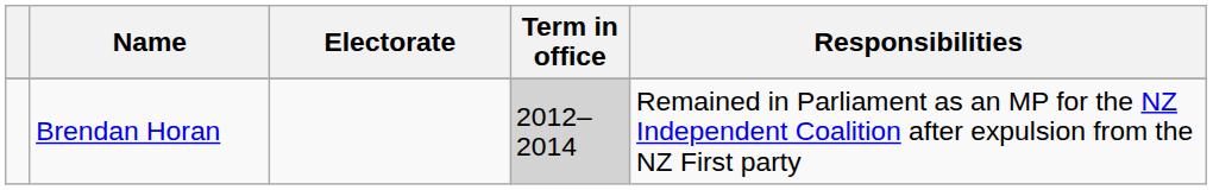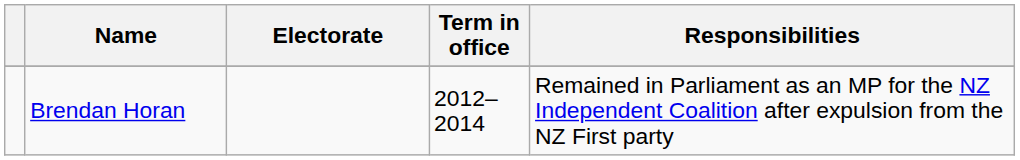 <table class="wikitable" style="width:80%;">
 <tr>
 <th width=2%></th>
 <th width=20%>Name</th>
 <th width=20%>Electorate</th>
 <th width=10%>Term in office</th>
 <th width=48%>Responsibilities</th>
 </tr>
 <tr>
 </tr>
 <tr>
 <td></td>
 <td><a href='#'>Brendan Horan</a></td>
 <td></td>
-<td style="background: lightgrey;">2012–2014</td>
+<td>2012–2014</td>
 <td>Remained in Parliament as an MP for the <a href='#'>NZ Independent Coalition</a> after expulsion from the NZ First party</td>
 </tr>
 </table>
